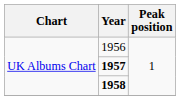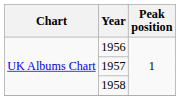 <table class="wikitable sortable">
 <tr>
 <th>Chart</th>
 <th>Year</th>
 <th>Peak<br>position</th>
 </tr>
 <tr>
 <td rowspan="3"><a href='#'>UK Albums Chart</a></td>
 <td align="left">1956</td>
 <td rowspan="3" align="center">1</td>
 </tr>
 <tr>
-<td align="left"><strong>1957</strong></td>
+<td align="left">1957</td>
 </tr>
 <tr>
-<td align="left"><strong>1958</strong></td>
+<td align="left">1958</td>
 </tr>
 <tr>
 </tr>
 </table>
